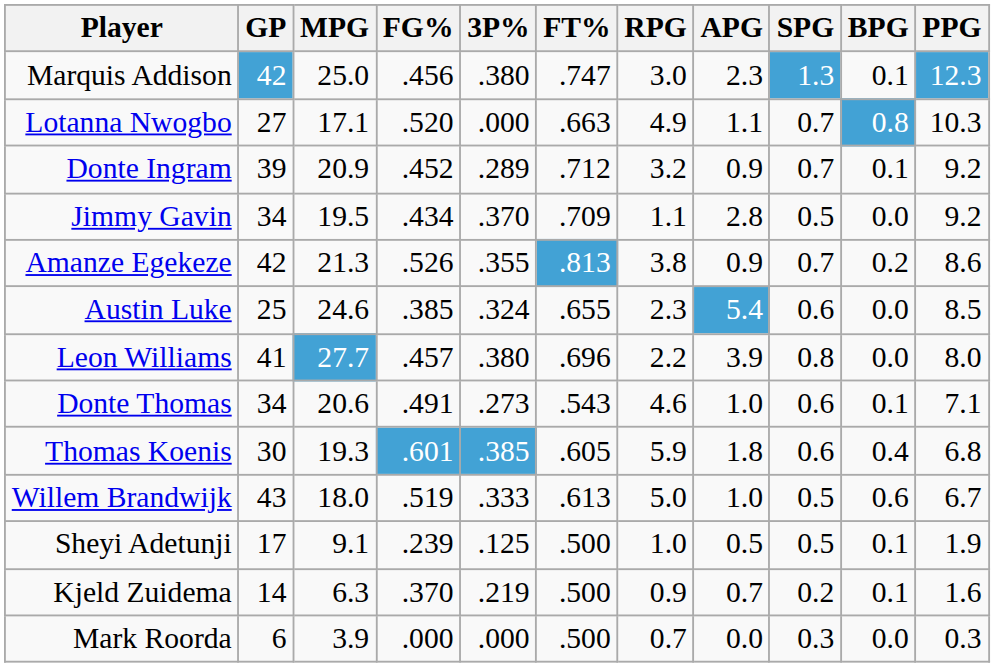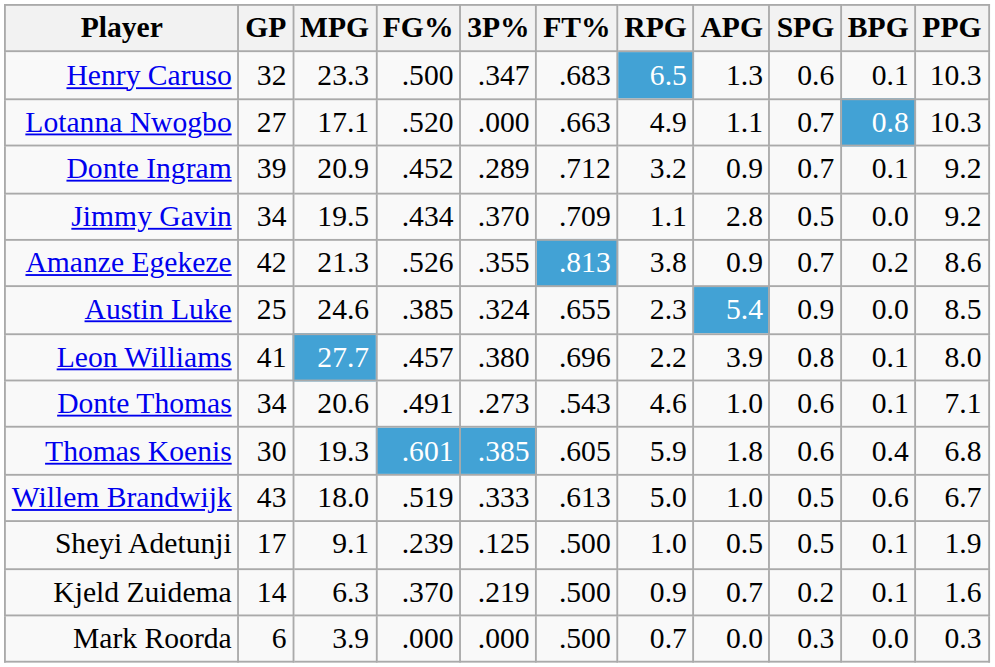 <table class="wikitable sortable" style="text-align:right;">
 <tr>
 <th>Player</th>
 <th>GP</th>
 <th>MPG</th>
 <th>FG%</th>
 <th>3P%</th>
 <th>FT%</th>
 <th>RPG</th>
 <th>APG</th>
 <th>SPG</th>
 <th>BPG</th>
 <th>PPG</th>
 </tr>
 <tr>
-<td>Marquis Addison</td>
-<td style="background:#42A2D5; color:white;">42</td>
-<td>25.0</td>
-<td>.456</td>
-<td>.380</td>
-<td>.747</td>
-<td>3.0</td>
-<td>2.3</td>
-<td style="background:#42A2D5; color:white;">1.3</td>
+<td><a href='#'>Henry Caruso</a></td>
+<td>32</td>
+<td>23.3</td>
+<td>.500</td>
+<td>.347</td>
+<td>.683</td>
+<td style="background:#42A2D5; color:white;">6.5</td>
+<td>1.3</td>
+<td>0.6</td>
 <td>0.1</td>
-<td style="background:#42A2D5; color:white;">12.3</td>
+<td>10.3</td>
 </tr>
 <tr>
 <td><a href='#'>Lotanna Nwogbo</a></td>
 <td>27</td>
 <td>17.1</td>
 <td>.520</td>
 <td>.000</td>
 <td>.663</td>
 <td>4.9</td>
 <td>1.1</td>
 <td>0.7</td>
 <td style="background:#42A2D5; color:white;">0.8</td>
 <td>10.3</td>
 </tr>
 <tr>
 <td><a href='#'>Donte Ingram</a></td>
 <td>39</td>
 <td>20.9</td>
 <td>.452</td>
 <td>.289</td>
 <td>.712</td>
 <td>3.2</td>
 <td>0.9</td>
 <td>0.7</td>
 <td>0.1</td>
 <td>9.2</td>
 </tr>
 <tr>
 <td><a href='#'>Jimmy Gavin</a></td>
 <td>34</td>
 <td>19.5</td>
 <td>.434</td>
 <td>.370</td>
 <td>.709</td>
 <td>1.1</td>
 <td>2.8</td>
 <td>0.5</td>
 <td>0.0</td>
 <td>9.2</td>
 </tr>
 <tr>
 <td><a href='#'>Amanze Egekeze</a></td>
 <td>42</td>
 <td>21.3</td>
 <td>.526</td>
 <td>.355</td>
 <td style="background:#42A2D5; color:white;">.813</td>
 <td>3.8</td>
 <td>0.9</td>
 <td>0.7</td>
 <td>0.2</td>
 <td>8.6</td>
 </tr>
 <tr>
 <td><a href='#'>Austin Luke</a></td>
 <td>25</td>
 <td>24.6</td>
 <td>.385</td>
 <td>.324</td>
 <td>.655</td>
 <td>2.3</td>
 <td style="background:#42A2D5; color:white;">5.4</td>
-<td>0.6</td>
+<td>0.9</td>
 <td>0.0</td>
 <td>8.5</td>
 </tr>
 <tr>
 <td><a href='#'>Leon Williams</a></td>
 <td>41</td>
 <td style="background:#42A2D5; color:white;">27.7</td>
 <td>.457</td>
 <td>.380</td>
 <td>.696</td>
 <td>2.2</td>
 <td>3.9</td>
 <td>0.8</td>
-<td>0.0</td>
+<td>0.1</td>
 <td>8.0</td>
 </tr>
 <tr>
 <td><a href='#'>Donte Thomas</a></td>
 <td>34</td>
 <td>20.6</td>
 <td>.491</td>
 <td>.273</td>
 <td>.543</td>
 <td>4.6</td>
 <td>1.0</td>
 <td>0.6</td>
 <td>0.1</td>
 <td>7.1</td>
 </tr>
 <tr>
 <td><a href='#'>Thomas Koenis</a></td>
 <td>30</td>
 <td>19.3</td>
 <td style="background:#42A2D5; color:white;">.601</td>
 <td style="background:#42A2D5; color:white;">.385</td>
 <td>.605</td>
 <td>5.9</td>
 <td>1.8</td>
 <td>0.6</td>
 <td>0.4</td>
 <td>6.8</td>
 </tr>
 <tr>
 <td><a href='#'>Willem Brandwijk</a></td>
 <td>43</td>
 <td>18.0</td>
 <td>.519</td>
 <td>.333</td>
 <td>.613</td>
 <td>5.0</td>
 <td>1.0</td>
 <td>0.5</td>
 <td>0.6</td>
 <td>6.7</td>
 </tr>
 <tr>
 <td>Sheyi Adetunji</td>
 <td>17</td>
 <td>9.1</td>
 <td>.239</td>
 <td>.125</td>
 <td>.500</td>
 <td>1.0</td>
 <td>0.5</td>
 <td>0.5</td>
 <td>0.1</td>
 <td>1.9</td>
 </tr>
 <tr>
 <td>Kjeld Zuidema</td>
 <td>14</td>
 <td>6.3</td>
 <td>.370</td>
 <td>.219</td>
 <td>.500</td>
 <td>0.9</td>
 <td>0.7</td>
 <td>0.2</td>
 <td>0.1</td>
 <td>1.6</td>
 </tr>
 <tr>
 <td>Mark Roorda</td>
 <td>6</td>
 <td>3.9</td>
 <td>.000</td>
 <td>.000</td>
 <td>.500</td>
 <td>0.7</td>
 <td>0.0</td>
 <td>0.3</td>
 <td>0.0</td>
 <td>0.3</td>
 </tr>
 </table>
